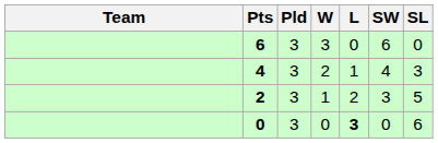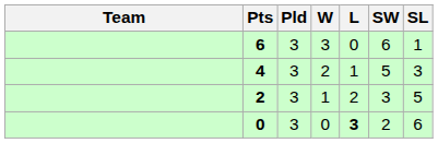 <table class=wikitable style="text-align:center">
 <tr>
 <th width=220>Team</th>
 <th width=20>Pts</th>
 <th width=20>Pld</th>
 <th width=20>W</th>
 <th width=20>L</th>
 <th width=20>SW</th>
 <th width=20>SL</th>
 </tr>
 <tr bgcolor=#ccffcc>
 <td align=left></td>
 <td><strong>6</strong></td>
 <td>3</td>
 <td>3</td>
 <td>0</td>
 <td>6</td>
-<td>0</td>
+<td>1</td>
 </tr>
 <tr bgcolor=#ccffcc>
 <td align=left></td>
 <td><strong>4</strong></td>
 <td>3</td>
 <td>2</td>
 <td>1</td>
-<td>4</td>
+<td>5</td>
 <td>3</td>
 </tr>
 <tr bgcolor=#ccffcc>
 <td align=left></td>
 <td><strong>2</strong></td>
 <td>3</td>
 <td>1</td>
 <td>2</td>
 <td>3</td>
 <td>5</td>
 </tr>
 <tr bgcolor=#ccffcc>
 <td align=left></td>
 <td><strong>0</strong></td>
 <td>3</td>
 <td>0</td>
 <td><strong>3</strong></td>
-<td>0</td>
+<td>2</td>
 <td>6</td>
 </tr>
 </table>
